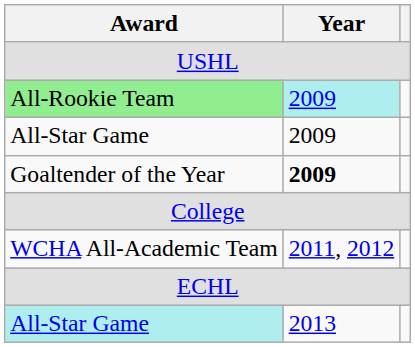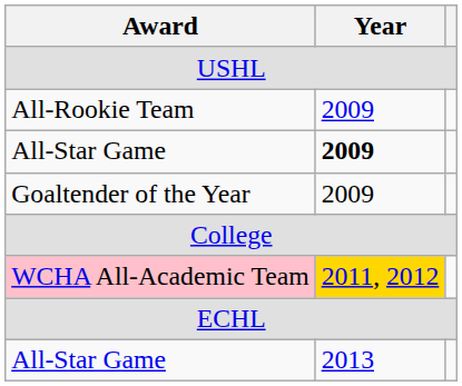 <table class="wikitable">
 <tr>
 <th>Award</th>
 <th>Year</th>
 <th></th>
 </tr>
 <tr ALIGN="center" bgcolor="#e0e0e0">
 <td colspan="3"><a href='#'>USHL</a></td>
 </tr>
 <tr>
-<td style="background: lightgreen;">All-Rookie Team</td>
-<td style="background: paleturquoise;"><a href='#'>2009</a></td>
+<td>All-Rookie Team</td>
+<td><a href='#'>2009</a></td>
 <td></td>
 </tr>
 <tr>
 <td>All-Star Game</td>
-<td>2009</td>
+<td><strong>2009</strong></td>
 <td></td>
 </tr>
 <tr>
 <td>Goaltender of the Year</td>
-<td><strong>2009</strong></td>
+<td>2009</td>
 <td></td>
 </tr>
 <tr ALIGN="center" bgcolor="#e0e0e0">
 <td colspan="3"><a href='#'>College</a></td>
 </tr>
 <tr>
-<td><a href='#'>WCHA</a> All-Academic Team</td>
-<td><a href='#'>2011</a>, <a href='#'>2012</a></td>
+<td style="background: pink;"><a href='#'>WCHA</a> All-Academic Team</td>
+<td style="background: gold;"><a href='#'>2011</a>, <a href='#'>2012</a></td>
 <td></td>
 </tr>
 <tr ALIGN="center" bgcolor="#e0e0e0">
 <td colspan="3"><a href='#'>ECHL</a></td>
 </tr>
 <tr>
-<td style="background: paleturquoise;"><a href='#'>All-Star Game</a></td>
+<td><a href='#'>All-Star Game</a></td>
 <td><a href='#'>2013</a></td>
 <td></td>
 </tr>
 </table>
